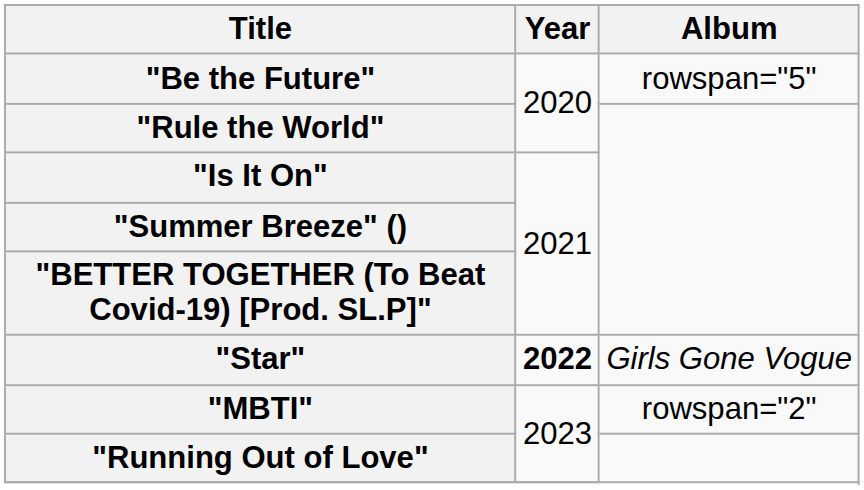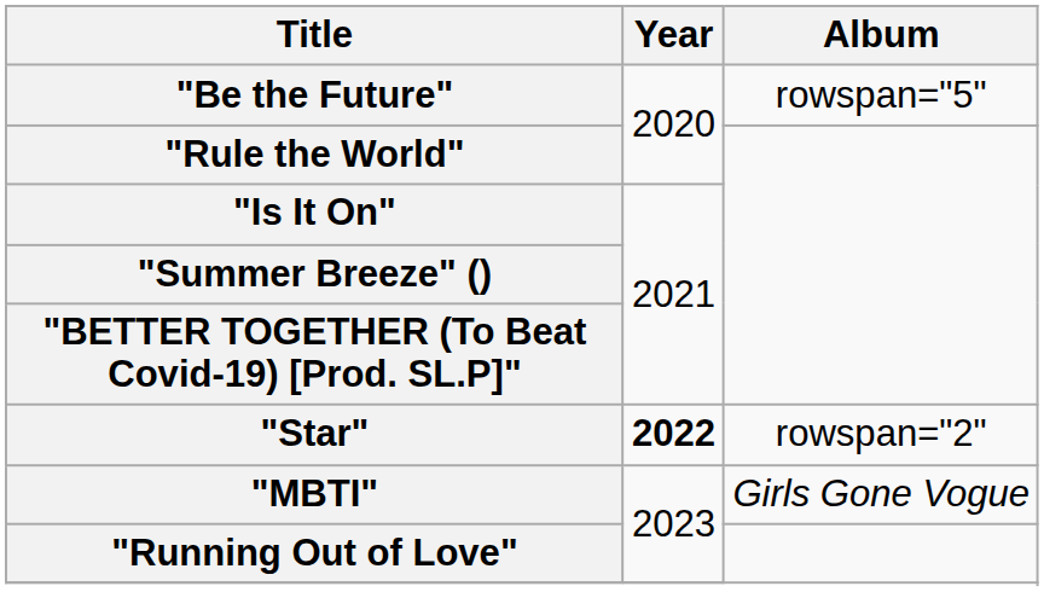 <table class="wikitable plainrowheaders" style="text-align:center;">
 <tr>
 <th scope="col" style="width:16em;">Title</th>
 <th scope="col">Year</th>
 <th scope="col">Album</th>
 </tr>
 <tr>
 <th scope="row">"Be the Future" <br></th>
 <td rowspan="2">2020</td>
 <td>rowspan="5" </td>
 </tr>
 <tr>
 <th scope="row">"Rule the World"<br></th>
 </tr>
 <tr>
 <th scope="row">"Is It On"<br></th>
 <td rowspan="3">2021</td>
 </tr>
 <tr>
 <th scope="row">"Summer Breeze" ()<br></th>
 </tr>
 <tr>
 <th scope="row">"BETTER TOGETHER (To Beat Covid-19) [Prod. SL.P]"<br></th>
 </tr>
 <tr>
 <th scope="row">"Star"<br></th>
 <td rowspan="1"><strong>2022</strong></td>
-<td rowspan="1"><em> Girls Gone Vogue </em></td>
+<td>rowspan="2" </td>
 </tr>
 <tr>
 <th scope="row">"MBTI"<br></th>
 <td rowspan="2">2023</td>
-<td>rowspan="2" </td>
+<td rowspan="1"><em> Girls Gone Vogue </em></td>
 </tr>
 <tr>
 <th scope="row">"Running Out of Love"<br></th>
 </tr>
 <tr>
 </tr>
 </table>
